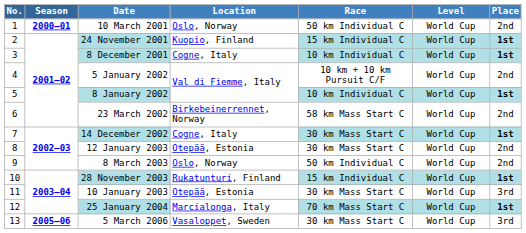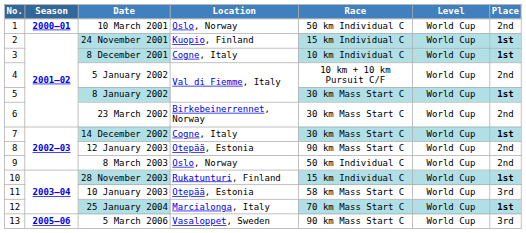 <table class="wikitable sortable" style="font-size:95%; text-align:center; border:grey solid 1px; border-collapse:collapse; background:#ffffff;">
 <tr style="background:#efefef;">
 <th style="background-color:#369; color:white;">No.</th>
 <th style="background-color:#369; color:white;">Season</th>
 <th style="background-color:#4180be; color:white; width:120px;">Date</th>
 <th style="background-color:#4180be; color:white; width:170px;">Location</th>
 <th style="background-color:#4180be; color:white; width:150px;">Race</th>
 <th style="background-color:#4180be; color:white; width:100px;">Level</th>
 <th style="background-color:#4180be; color:white;">Place</th>
 </tr>
 <tr>
 <td align=center>1</td>
 <td rowspan=1 align=center><strong> <a href='#'>2000–01</a> </strong></td>
 <td align=right>10 March 2001</td>
 <td align=left> <a href='#'>Oslo</a>, Norway</td>
 <td>50 km Individual C</td>
 <td>World Cup</td>
 <td>2nd</td>
 </tr>
 <tr>
 <td align=center>2</td>
 <td rowspan=5 align=center><strong><a href='#'>2001–02</a></strong></td>
 <td bgcolor="#BOEOE6" align=right>24 November 2001</td>
 <td align=left> <a href='#'>Kuopio</a>, Finland</td>
 <td bgcolor="#BOEOE6">15 km Individual C</td>
 <td bgcolor="#BOEOE6">World Cup</td>
 <td bgcolor="#BOEOE6"><strong>1st</strong></td>
 </tr>
 <tr>
 <td align=center>3</td>
 <td bgcolor="#BOEOE6" align=right>8 December 2001</td>
 <td align=left> <a href='#'>Cogne</a>, Italy</td>
 <td bgcolor="#BOEOE6">10 km Individual C</td>
 <td bgcolor="#BOEOE6">World Cup</td>
 <td bgcolor="#BOEOE6"><strong>1st</strong></td>
 </tr>
 <tr>
 <td align=center>4</td>
 <td align=right>5 January 2002</td>
 <td rowspan=2 align=left> <a href='#'>Val di Fiemme</a>, Italy</td>
 <td>10 km + 10 km Pursuit C/F</td>
 <td>World Cup</td>
 <td>2nd</td>
 </tr>
 <tr>
 <td align=center>5</td>
 <td bgcolor="#BOEOE6" align=right>8 January 2002</td>
-<td bgcolor="#BOEOE6">10 km Individual C</td>
+<td bgcolor="#BOEOE6">30 km Mass Start C</td>
 <td bgcolor="#BOEOE6">World Cup</td>
 <td bgcolor="#BOEOE6"><strong>1st</strong></td>
 </tr>
 <tr>
 <td align=center>6</td>
 <td align=right>23 March 2002</td>
 <td align=left> <a href='#'>Birkebeinerrennet</a>, Norway</td>
-<td>58 km Mass Start C</td>
+<td>30 km Mass Start C</td>
 <td>World Cup</td>
 <td>2nd</td>
 </tr>
 <tr>
 <td align=center>7</td>
 <td rowspan=3 align=center><strong><a href='#'>2002–03</a></strong></td>
 <td bgcolor="#BOEOE6" align=right>14 December 2002</td>
 <td align=left> <a href='#'>Cogne</a>, Italy</td>
 <td bgcolor="#BOEOE6">30 km Mass Start C</td>
 <td bgcolor="#BOEOE6">World Cup</td>
 <td bgcolor="#BOEOE6"><strong>1st</strong></td>
 </tr>
 <tr>
 <td align=center>8</td>
 <td align=right>12 January 2003</td>
 <td align=left> <a href='#'>Otepää</a>, Estonia</td>
-<td>30 km Mass Start C</td>
+<td>90 km Mass Start C</td>
 <td>World Cup</td>
 <td>2nd</td>
 </tr>
 <tr>
 <td align=center>9</td>
 <td align=right>8 March 2003</td>
 <td align=left> <a href='#'>Oslo</a>, Norway</td>
 <td>50 km Individual C</td>
 <td>World Cup</td>
 <td>2nd</td>
 </tr>
 <tr>
 <td align=center>10</td>
 <td rowspan=3 align=center><strong><a href='#'>2003–04</a></strong></td>
 <td bgcolor="#BOEOE6" align=right>28 November 2003</td>
 <td align=left> <a href='#'>Rukatunturi</a>, Finland</td>
 <td bgcolor="#BOEOE6">15 km Individual C</td>
 <td bgcolor="#BOEOE6">World Cup</td>
 <td bgcolor="#BOEOE6"><strong>1st</strong></td>
 </tr>
 <tr>
 <td align=center>11</td>
 <td align=right>10 January 2003</td>
 <td align=left> <a href='#'>Otepää</a>, Estonia</td>
-<td>30 km Mass Start C</td>
+<td>58 km Mass Start C</td>
 <td>World Cup</td>
 <td>3rd</td>
 </tr>
 <tr>
 <td align=center>12</td>
 <td bgcolor="#BOEOE6" align=right>25 January 2004</td>
 <td align=left> <a href='#'>Marcialonga</a>, Italy</td>
 <td bgcolor="#BOEOE6">70 km Mass Start C</td>
 <td bgcolor="#BOEOE6">World Cup</td>
 <td bgcolor="#BOEOE6"><strong>1st</strong></td>
 </tr>
 <tr>
 <td align=center>13</td>
 <td rowspan=1 align=center><strong> <a href='#'>2005–06</a> </strong></td>
 <td align=right>5 March 2006</td>
 <td align=left> <a href='#'>Vasaloppet</a>, Sweden</td>
-<td>30 km Mass Start C</td>
+<td>90 km Mass Start C</td>
 <td>World Cup</td>
 <td>3rd</td>
 </tr>
 </table>
